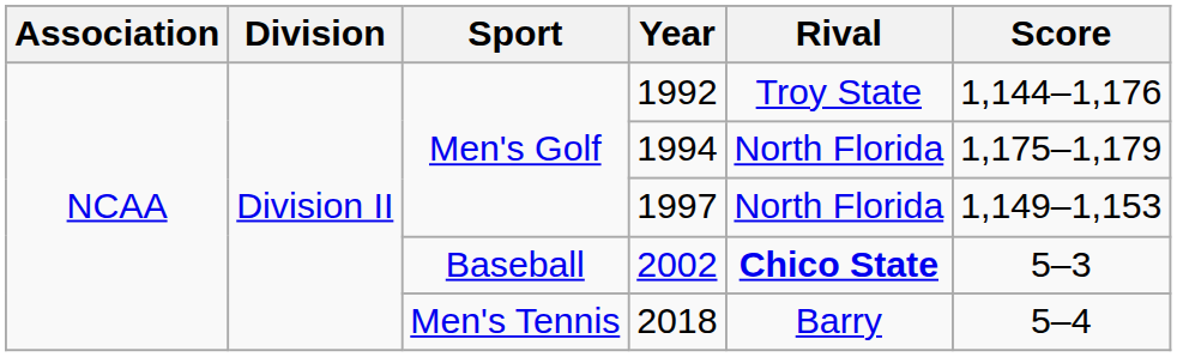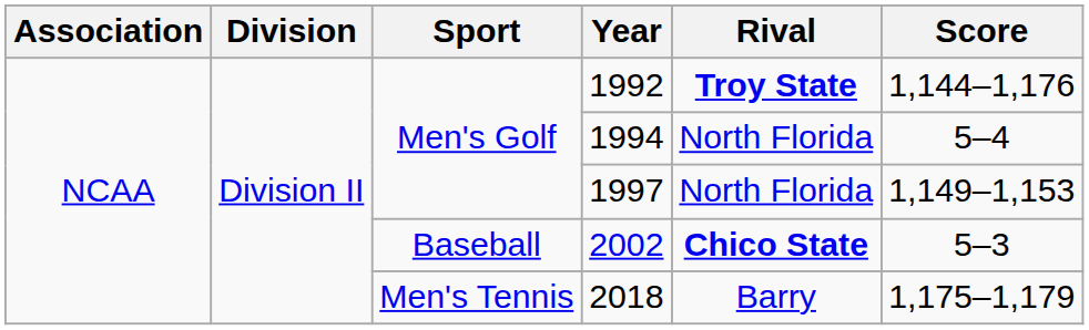 <table class="wikitable" style="text-align:center">
 <tr>
 <th>Association</th>
 <th>Division</th>
 <th>Sport</th>
 <th>Year</th>
 <th>Rival</th>
 <th>Score</th>
 </tr>
 <tr>
 <td rowspan="5"><a href='#'>NCAA</a></td>
 <td rowspan="5"><a href='#'>Division II</a></td>
 <td rowspan="3"><a href='#'>Men's Golf</a></td>
 <td>1992</td>
-<td><a href='#'>Troy State</a></td>
+<td><strong><a href='#'>Troy State</a></strong></td>
 <td>1,144–1,176</td>
 </tr>
 <tr>
 <td>1994</td>
 <td><a href='#'>North Florida</a></td>
-<td>1,175–1,179</td>
+<td>5–4</td>
 </tr>
 <tr>
 <td>1997</td>
 <td><a href='#'>North Florida</a></td>
 <td>1,149–1,153</td>
 </tr>
 <tr>
 <td rowspan="1"><a href='#'>Baseball</a></td>
 <td><a href='#'>2002</a></td>
 <td><strong><a href='#'>Chico State</a></strong></td>
 <td>5–3</td>
 </tr>
 <tr>
 <td rowspan="2"><a href='#'>Men's Tennis</a></td>
 <td>2018</td>
 <td><a href='#'>Barry</a></td>
-<td>5–4</td>
+<td>1,175–1,179</td>
 </tr>
 </table>
